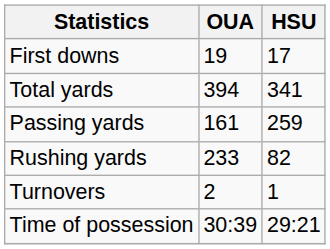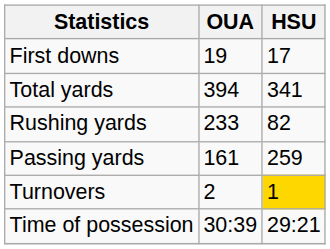 <table class="wikitable" style="float: left;">
 <tr>
 <th>Statistics</th>
 <th>OUA</th>
 <th>HSU</th>
 </tr>
 <tr>
 <td>First downs</td>
 <td>19</td>
 <td>17</td>
 </tr>
 <tr>
 <td>Total yards</td>
 <td>394</td>
 <td>341</td>
 </tr>
 <tr>
+<td>Rushing yards</td>
+<td>233</td>
+<td>82</td>
+</tr>
+<tr>
 <td>Passing yards</td>
 <td>161</td>
 <td>259</td>
 </tr>
 <tr>
-<td>Rushing yards</td>
-<td>233</td>
-<td>82</td>
-</tr>
-<tr>
 <td>Turnovers</td>
 <td>2</td>
-<td>1</td>
+<td style="background: gold;">1</td>
 </tr>
 <tr>
 <td>Time of possession</td>
 <td>30:39</td>
 <td>29:21</td>
 </tr>
 <tr>
 </tr>
 </table>
